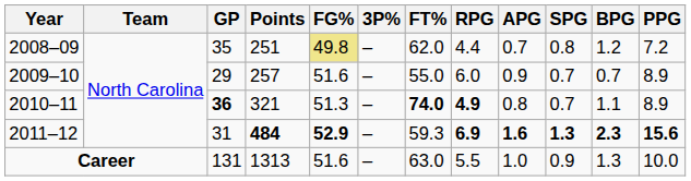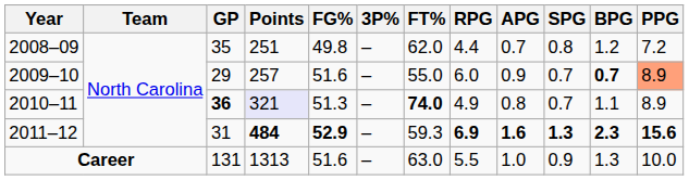 <table class="wikitable sortable">
 <tr>
 <th>Year</th>
 <th>Team</th>
 <th>GP</th>
 <th>Points</th>
 <th>FG%</th>
 <th>3P%</th>
 <th>FT%</th>
 <th>RPG</th>
 <th>APG</th>
 <th>SPG</th>
 <th>BPG</th>
 <th>PPG</th>
 </tr>
 <tr>
 <td>2008–09</td>
 <td rowspan=4><a href='#'>North Carolina</a></td>
 <td>35</td>
 <td>251</td>
-<td style="background: khaki;">49.8</td>
+<td>49.8</td>
 <td>–</td>
 <td>62.0</td>
 <td>4.4</td>
 <td>0.7</td>
 <td>0.8</td>
 <td>1.2</td>
 <td>7.2</td>
 </tr>
 <tr>
 <td>2009–10</td>
 <td>29</td>
 <td>257</td>
 <td>51.6</td>
 <td>–</td>
 <td>55.0</td>
 <td>6.0</td>
 <td>0.9</td>
 <td>0.7</td>
-<td>0.7</td>
-<td>8.9</td>
+<td><strong>0.7</strong></td>
+<td style="background: lightsalmon;">8.9</td>
 </tr>
 <tr>
 <td>2010–11</td>
 <td><strong>36</strong></td>
-<td>321</td>
+<td style="background: lavender;">321</td>
 <td>51.3</td>
 <td>–</td>
 <td><strong>74.0</strong></td>
-<td><strong>4.9</strong></td>
+<td>4.9</td>
 <td>0.8</td>
 <td>0.7</td>
 <td>1.1</td>
 <td>8.9</td>
 </tr>
 <tr>
 <td>2011–12</td>
 <td>31</td>
 <td><strong>484</strong></td>
 <td><strong>52.9</strong></td>
 <td>–</td>
 <td>59.3</td>
 <td><strong>6.9</strong></td>
 <td><strong>1.6</strong></td>
 <td><strong>1.3</strong></td>
 <td><strong>2.3</strong></td>
 <td><strong>15.6</strong></td>
 </tr>
 <tr class="sortbottom">
 <td colspan=2 align=center><strong>Career</strong></td>
 <td>131</td>
 <td>1313</td>
 <td>51.6</td>
 <td>–</td>
 <td>63.0</td>
 <td>5.5</td>
 <td>1.0</td>
 <td>0.9</td>
 <td>1.3</td>
 <td>10.0</td>
 </tr>
 </table>
